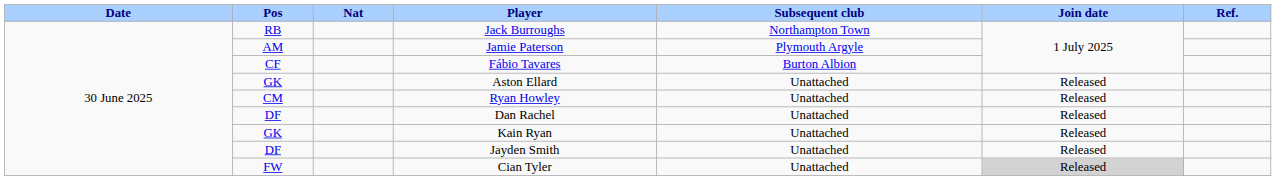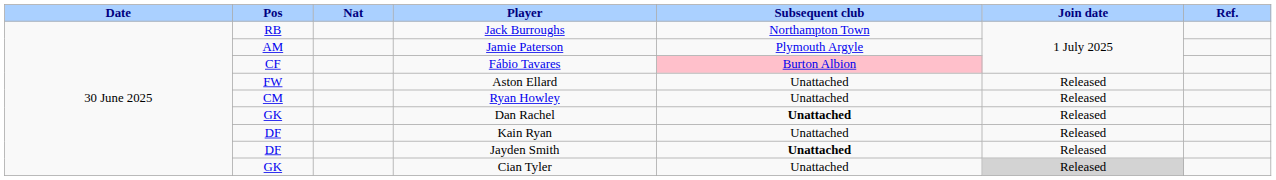 <table class="wikitable sortable alternance" style="font-size:100%; text-align:center; line-height:14px; width:100%;">
 <tr>
 <th style="background:#AAD0FF; color:#000080; ">Date</th>
 <th style="background:#AAD0FF; color:#000080; ">Pos</th>
 <th style="background:#AAD0FF; color:#000080; ">Nat</th>
 <th style="background:#AAD0FF; color:#000080; ">Player</th>
 <th style="background:#AAD0FF; color:#000080; ">Subsequent club</th>
 <th style="background:#AAD0FF; color:#000080; ">Join date</th>
 <th style="background:#AAD0FF; color:#000080; ">Ref.</th>
 </tr>
 <tr>
 <td rowspan="9">30 June 2025</td>
 <td><a href='#'>RB</a></td>
 <td></td>
 <td><a href='#'>Jack Burroughs</a></td>
 <td> <a href='#'>Northampton Town</a></td>
 <td rowspan="3">1 July 2025</td>
 <td></td>
 </tr>
 <tr>
 <td><a href='#'>AM</a></td>
 <td></td>
 <td><a href='#'>Jamie Paterson</a></td>
 <td> <a href='#'>Plymouth Argyle</a></td>
 <td></td>
 </tr>
 <tr>
 <td><a href='#'>CF</a></td>
 <td></td>
 <td><a href='#'>Fábio Tavares</a></td>
-<td> <a href='#'>Burton Albion</a></td>
+<td style="background: pink;"> <a href='#'>Burton Albion</a></td>
 <td></td>
 </tr>
 <tr>
-<td><a href='#'>GK</a></td>
+<td><a href='#'>FW</a></td>
 <td></td>
 <td>Aston Ellard</td>
 <td> Unattached</td>
 <td>Released</td>
 <td></td>
 </tr>
 <tr>
 <td><a href='#'>CM</a></td>
 <td></td>
 <td><a href='#'>Ryan Howley</a></td>
 <td> Unattached</td>
 <td>Released</td>
 <td></td>
 </tr>
 <tr>
-<td><a href='#'>DF</a></td>
+<td><a href='#'>GK</a></td>
 <td></td>
 <td>Dan Rachel</td>
-<td> Unattached</td>
+<td><strong> Unattached</strong></td>
 <td>Released</td>
 <td></td>
 </tr>
 <tr>
-<td><a href='#'>GK</a></td>
+<td><a href='#'>DF</a></td>
 <td></td>
 <td>Kain Ryan</td>
 <td> Unattached</td>
 <td>Released</td>
 <td></td>
 </tr>
 <tr>
 <td><a href='#'>DF</a></td>
 <td></td>
 <td>Jayden Smith</td>
-<td> Unattached</td>
+<td><strong> Unattached</strong></td>
 <td>Released</td>
 <td></td>
 </tr>
 <tr>
-<td><a href='#'>FW</a></td>
+<td><a href='#'>GK</a></td>
 <td></td>
 <td>Cian Tyler</td>
 <td> Unattached</td>
 <td style="background: lightgrey;">Released</td>
 <td></td>
 </tr>
 </table>
